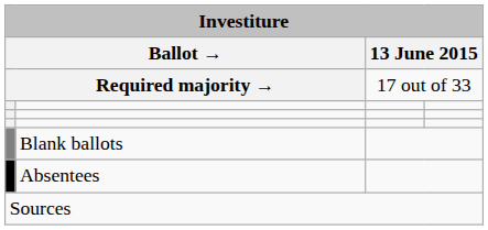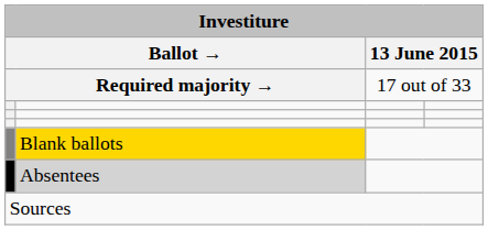 <table class="wikitable" style="text-align:center; font-size:95%;">
 <tr>
 <td colspan="4" align="center" bgcolor="#C0C0C0"><strong>Investiture</strong></td>
 </tr>
 <tr>
 <th colspan="2" width="275px">Ballot →</th>
 <th colspan="2">13 June 2015</th>
 </tr>
 <tr>
 <th colspan="2">Required majority →</th>
 <td colspan="2">17 out of 33</td>
 </tr>
 <tr>
 <th width="1px" style="background:"></th>
 <td align="left"></td>
 <td></td>
 <td></td>
 </tr>
 <tr>
 <th style="color:inherit;background:"></th>
 <td align="left"></td>
 <td></td>
 <td></td>
 </tr>
 <tr>
 <th style="color:inherit;background:"></th>
 <td align="left"></td>
 <td></td>
 <td></td>
 </tr>
 <tr>
 <th style="color:inherit;background:gray;"></th>
-<td align="left">Blank ballots</td>
+<td align="left" style="background: gold;">Blank ballots</td>
 <td colspan="2"></td>
 </tr>
 <tr>
 <th style="color:inherit;background:black;"></th>
-<td align="left">Absentees</td>
+<td align="left" style="background: lightgrey;">Absentees</td>
 <td colspan="2"></td>
 </tr>
 <tr>
 <td align="left" colspan="4">Sources</td>
 </tr>
 </table>
